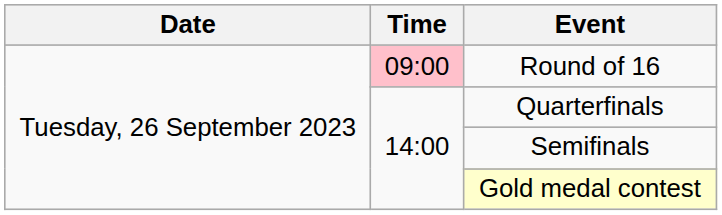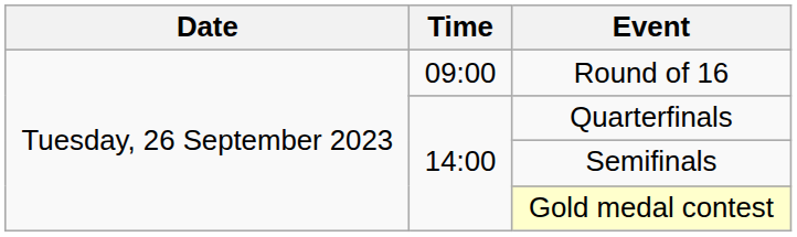 <table class = "wikitable" style="text-align:center;">
 <tr>
 <th width=220>Date</th>
 <th width=50>Time</th>
 <th width=150>Event</th>
 </tr>
 <tr>
 <td rowspan=4>Tuesday, 26 September 2023</td>
-<td style="background: pink;">09:00</td>
+<td>09:00</td>
 <td>Round of 16</td>
 </tr>
 <tr>
 <td rowspan=3>14:00</td>
 <td>Quarterfinals</td>
 </tr>
 <tr>
 <td>Semifinals</td>
 </tr>
 <tr>
 <td bgcolor=ffffcc>Gold medal contest</td>
 </tr>
 </table>
